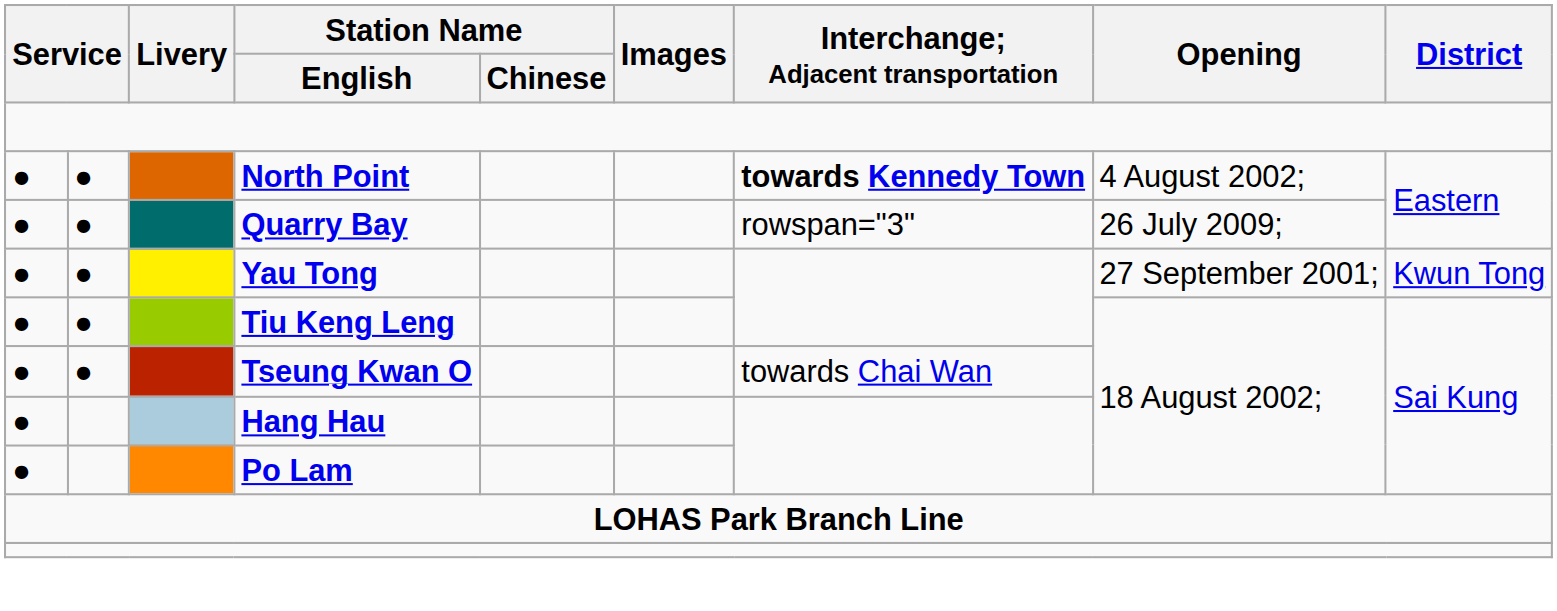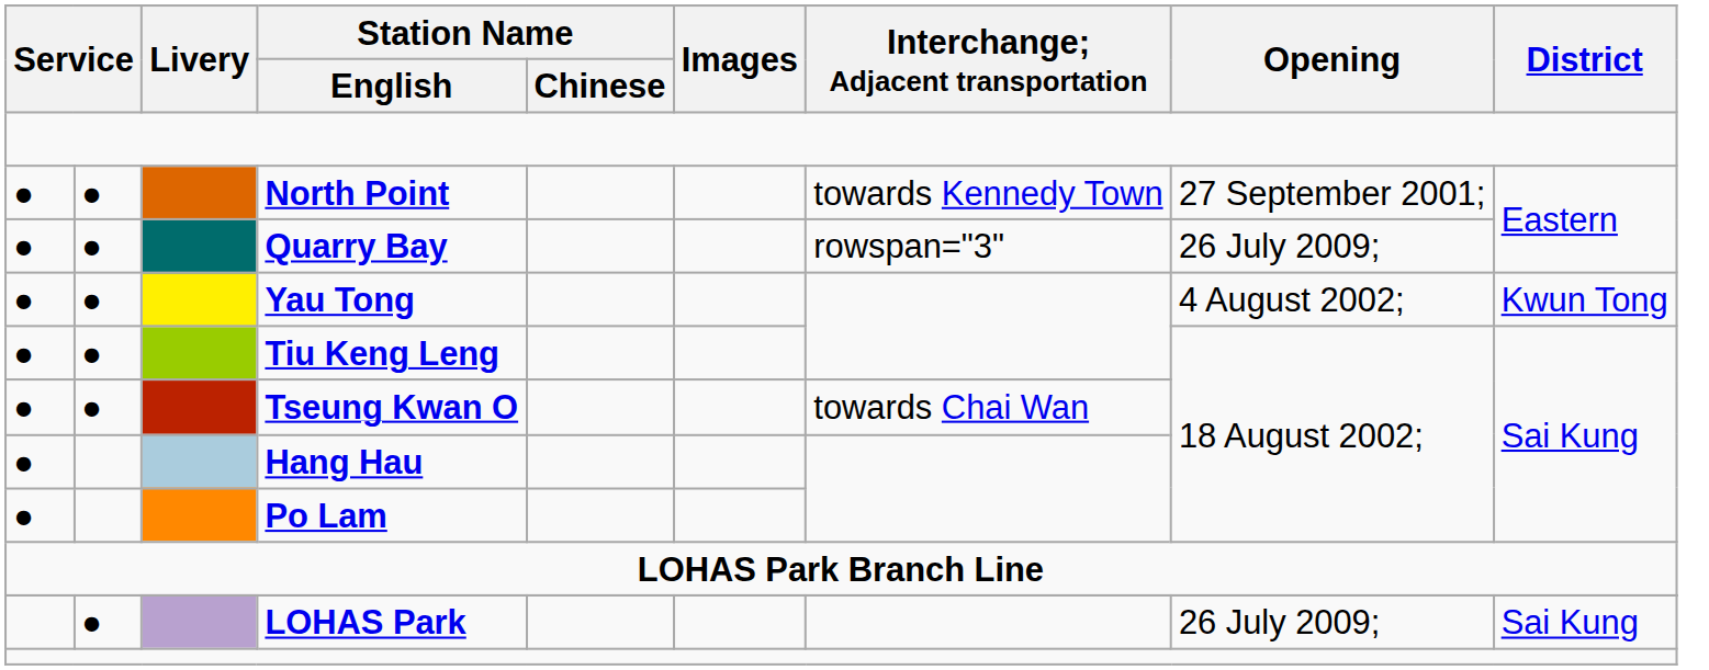 <table class="wikitable" style="color: black; border-collapse: collapse; font-size: 95%">
 <tr>
 <th colspan="2" rowspan="2">Service</th>
 <th rowspan="2">Livery</th>
 <th colspan="2">Station Name</th>
 <th rowspan="2">Images</th>
 <th rowspan="2">Interchange;<br><small>Adjacent transportation</small></th>
 <th rowspan="2">Opening</th>
 <th rowspan="2"><a href='#'>District</a></th>
 </tr>
 <tr>
 <th>English</th>
 <th>Chinese</th>
 </tr>
 <tr>
 <td colspan="9" style="text-align:center;"><strong></strong><br></td>
 </tr>
 <tr>
 <td>●</td>
 <td>●</td>
 <td style="background: #DD6600"></td>
 <td><strong><a href='#'>North Point</a></strong></td>
 <td></td>
 <td></td>
-<td><strong> towards <a href='#'>Kennedy Town</a></strong></td>
-<td>4 August 2002;<br></td>
+<td> towards <a href='#'>Kennedy Town</a></td>
+<td>27 September 2001;<br></td>
 <td rowspan="2"><a href='#'>Eastern</a></td>
 </tr>
 <tr>
 <td>●</td>
 <td>●</td>
 <td style="background: #006C6C"></td>
 <td><strong><a href='#'>Quarry Bay</a></strong></td>
 <td></td>
 <td></td>
 <td>rowspan="3" </td>
 <td>26 July 2009;<br></td>
 </tr>
 <tr>
 <td>●</td>
 <td>●</td>
 <td style="background: #FFF000"></td>
 <td><strong><a href='#'>Yau Tong</a></strong></td>
 <td></td>
 <td></td>
 <td rowspan="2"></td>
-<td>27 September 2001;<br></td>
+<td>4 August 2002;<br></td>
 <td><a href='#'>Kwun Tong</a></td>
 </tr>
 <tr>
 <td>●</td>
 <td>●</td>
 <td style="background: #99CC00"></td>
 <td><strong><a href='#'>Tiu Keng Leng</a></strong></td>
 <td></td>
 <td></td>
 <td rowspan="4">18 August 2002;<br></td>
 <td rowspan="4"><a href='#'>Sai Kung</a></td>
 </tr>
 <tr>
 <td>●</td>
 <td>●</td>
 <td style="background: #BB2200"></td>
 <td><strong><a href='#'>Tseung Kwan O</a></strong></td>
 <td></td>
 <td></td>
 <td> towards <a href='#'>Chai Wan</a></td>
 </tr>
 <tr Interchange for LOHAS Park>
 <td>●</td>
 <td></td>
 <td style="background: #AACCDD"></td>
 <td><strong><a href='#'>Hang Hau</a></strong></td>
 <td></td>
 <td></td>
 </tr>
 <tr>
 <td>●</td>
 <td></td>
 <td style="background: #FF8800"></td>
 <td><strong><a href='#'>Po Lam</a></strong></td>
 <td></td>
 <td></td>
 </tr>
 <tr>
 <td colspan="9" style="text-align:center;"><strong><span>LOHAS Park Branch Line</span></strong></td>
 </tr>
 <tr>
 </tr>
 <tr>
+<td></td>
+<td>●</td>
+<td style="background: #B8A1CF"></td>
+<td><strong><a href='#'>LOHAS Park</a></strong></td>
+<td></td>
+<td></td>
+<td></td>
+<td>26 July 2009;<br></td>
+<td><a href='#'>Sai Kung</a></td>
+</tr>
+<tr>
 <td colspan = "9"></td>
 </tr>
 </table>
